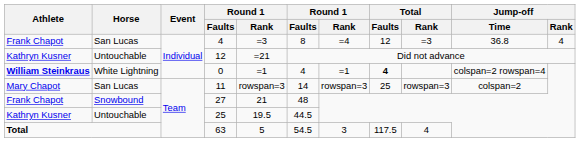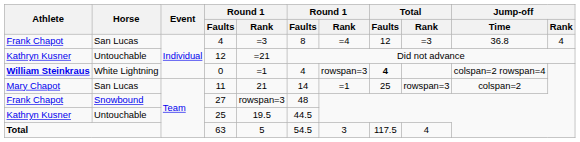 <table class=wikitable style=font-size:90%;text-align:center>
 <tr>
 <th rowspan=2>Athlete</th>
 <th rowspan=2>Horse</th>
 <th rowspan=2>Event</th>
 <th colspan=2>Round 1</th>
 <th colspan=2>Round 1</th>
 <th colspan=2>Total</th>
 <th colspan=2>Jump-off</th>
 </tr>
 <tr style=font=size:95%>
 <th>Faults</th>
 <th>Rank</th>
 <th>Faults</th>
 <th>Rank</th>
 <th>Faults</th>
 <th>Rank</th>
 <th>Time</th>
 <th>Rank</th>
 </tr>
 <tr>
 <td align=left><a href='#'>Frank Chapot</a></td>
 <td align=left>San Lucas</td>
 <td align=left rowspan=3><a href='#'>Individual</a></td>
 <td>4</td>
 <td>=3</td>
 <td>8</td>
 <td>=4</td>
 <td>12</td>
 <td>=3</td>
 <td>36.8</td>
 <td>4</td>
 </tr>
 <tr>
 <td align=left><a href='#'>Kathryn Kusner</a></td>
 <td align=left>Untouchable</td>
 <td>12</td>
 <td>=21</td>
 <td colspan=6>Did not advance</td>
 </tr>
 <tr>
 <td align=left><strong><a href='#'>William Steinkraus</a></strong></td>
 <td align=left>White Lightning</td>
 <td>0</td>
 <td>=1</td>
 <td>4</td>
-<td>=1</td>
+<td>rowspan=3 </td>
 <td><strong>4</strong></td>
 <td></td>
 <td>colspan=2 rowspan=4 </td>
 </tr>
 <tr>
 <td align=left><a href='#'>Mary Chapot</a></td>
 <td align=left>San Lucas</td>
 <td align=left rowspan=4><a href='#'>Team</a></td>
 <td>11</td>
-<td>rowspan=3 </td>
+<td>21</td>
 <td>14</td>
-<td>rowspan=3 </td>
+<td>=1</td>
 <td>25</td>
 <td>rowspan=3 </td>
 <td>colspan=2 </td>
 </tr>
 <tr>
 <td align=left><a href='#'>Frank Chapot</a></td>
 <td align=left><a href='#'>Snowbound</a></td>
 <td>27</td>
-<td>21</td>
+<td>rowspan=3 </td>
 <td>48</td>
 </tr>
 <tr>
 <td align=left><a href='#'>Kathryn Kusner</a></td>
 <td align=left>Untouchable</td>
 <td>25</td>
 <td>19.5</td>
 <td>44.5</td>
 </tr>
 <tr>
 <td align=left colspan=2><strong>Total</strong></td>
 <td>63</td>
 <td>5</td>
 <td>54.5</td>
 <td>3</td>
 <td>117.5</td>
 <td>4</td>
 </tr>
 </table>
